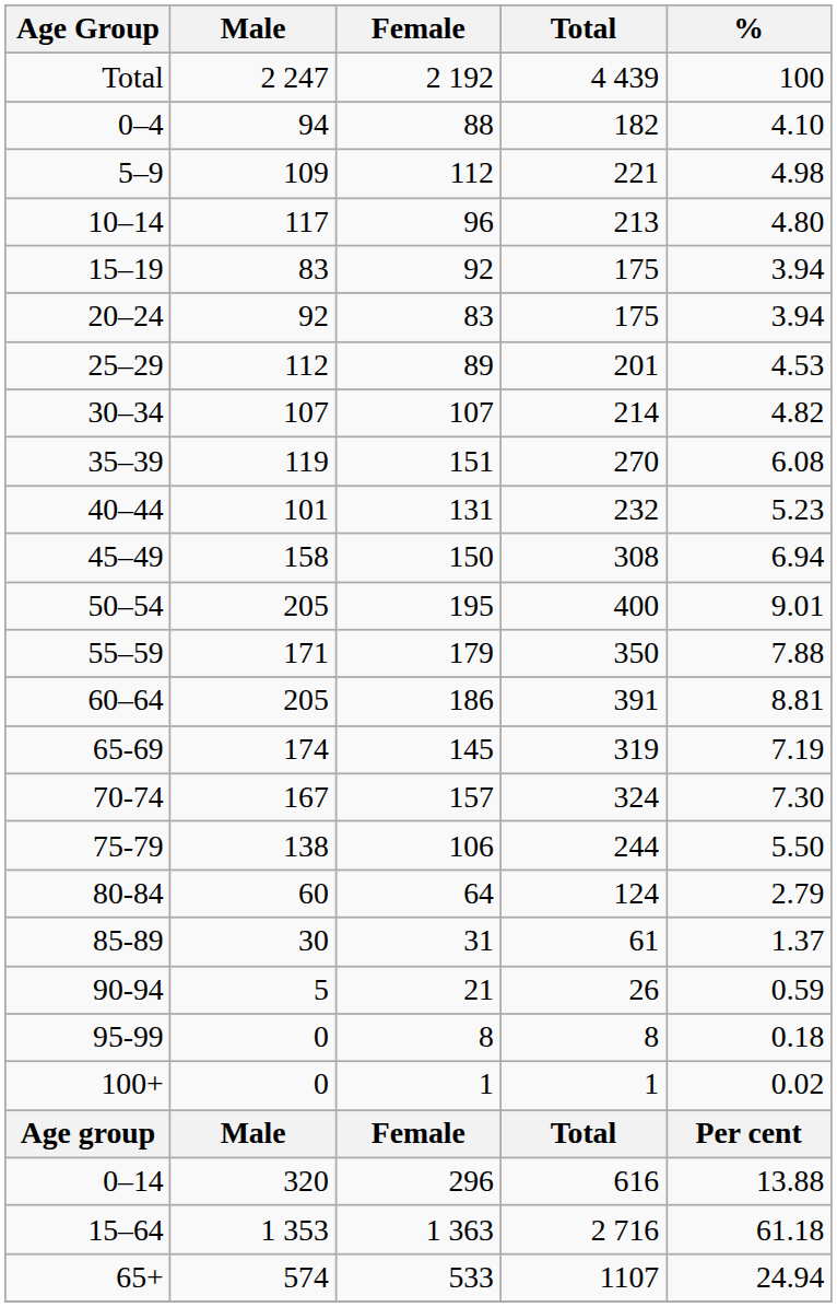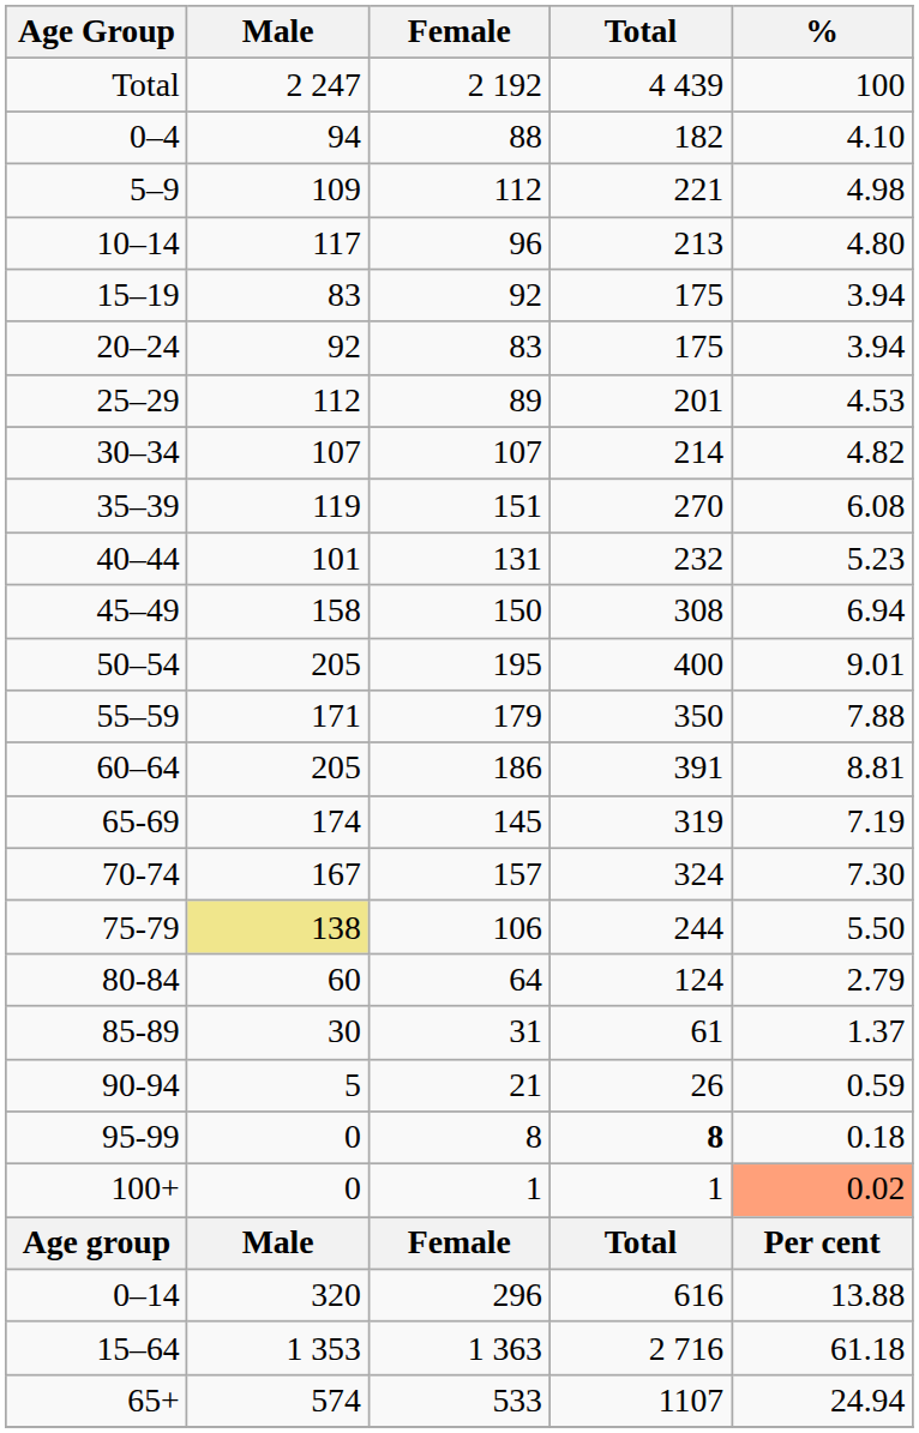 <table class="wikitable" style="text-align: right;">
 <tr>
 <th width="80pt">Age Group</th>
 <th width="80pt">Male</th>
 <th width="80pt">Female</th>
 <th width="80pt">Total</th>
 <th width="80pt">%</th>
 </tr>
 <tr>
 <td>Total</td>
 <td>2 247</td>
 <td>2 192</td>
 <td align="right">4 439</td>
 <td align="right">100</td>
 </tr>
 <tr>
 <td align="right">0–4</td>
 <td align="right">94</td>
 <td align="right">88</td>
 <td align="right">182</td>
 <td align="right">4.10</td>
 </tr>
 <tr>
 <td align="right">5–9</td>
 <td align="right">109</td>
 <td align="right">112</td>
 <td align="right">221</td>
 <td align="right">4.98</td>
 </tr>
 <tr>
 <td align="right">10–14</td>
 <td align="right">117</td>
 <td align="right">96</td>
 <td align="right">213</td>
 <td align="right">4.80</td>
 </tr>
 <tr>
 <td align="right">15–19</td>
 <td align="right">83</td>
 <td align="right">92</td>
 <td align="right">175</td>
 <td align="right">3.94</td>
 </tr>
 <tr>
 <td align="right">20–24</td>
 <td align="right">92</td>
 <td align="right">83</td>
 <td align="right">175</td>
 <td align="right">3.94</td>
 </tr>
 <tr>
 <td align="right">25–29</td>
 <td align="right">112</td>
 <td align="right">89</td>
 <td align="right">201</td>
 <td align="right">4.53</td>
 </tr>
 <tr>
 <td align="right">30–34</td>
 <td align="right">107</td>
 <td align="right">107</td>
 <td align="right">214</td>
 <td align="right">4.82</td>
 </tr>
 <tr>
 <td align="right">35–39</td>
 <td align="right">119</td>
 <td align="right">151</td>
 <td align="right">270</td>
 <td align="right">6.08</td>
 </tr>
 <tr>
 <td align="right">40–44</td>
 <td align="right">101</td>
 <td align="right">131</td>
 <td align="right">232</td>
 <td align="right">5.23</td>
 </tr>
 <tr>
 <td align="right">45–49</td>
 <td align="right">158</td>
 <td align="right">150</td>
 <td align="right">308</td>
 <td align="right">6.94</td>
 </tr>
 <tr>
 <td align="right">50–54</td>
 <td align="right">205</td>
 <td align="right">195</td>
 <td align="right">400</td>
 <td align="right">9.01</td>
 </tr>
 <tr>
 <td align="right">55–59</td>
 <td align="right">171</td>
 <td align="right">179</td>
 <td align="right">350</td>
 <td align="right">7.88</td>
 </tr>
 <tr>
 <td align="right">60–64</td>
 <td align="right">205</td>
 <td align="right">186</td>
 <td align="right">391</td>
 <td align="right">8.81</td>
 </tr>
 <tr>
 <td align="right">65-69</td>
 <td align="right">174</td>
 <td align="right">145</td>
 <td align="right">319</td>
 <td align="right">7.19</td>
 </tr>
 <tr>
 <td align="right">70-74</td>
 <td align="right">167</td>
 <td align="right">157</td>
 <td align="right">324</td>
 <td align="right">7.30</td>
 </tr>
 <tr>
 <td align="right">75-79</td>
-<td align="right">138</td>
+<td align="right" style="background: khaki;">138</td>
 <td align="right">106</td>
 <td align="right">244</td>
 <td align="right">5.50</td>
 </tr>
 <tr>
 <td align="right">80-84</td>
 <td align="right">60</td>
 <td align="right">64</td>
 <td align="right">124</td>
 <td align="right">2.79</td>
 </tr>
 <tr>
 <td align="right">85-89</td>
 <td align="right">30</td>
 <td align="right">31</td>
 <td align="right">61</td>
 <td align="right">1.37</td>
 </tr>
 <tr>
 <td align="right">90-94</td>
 <td align="right">5</td>
 <td align="right">21</td>
 <td align="right">26</td>
 <td align="right">0.59</td>
 </tr>
 <tr>
 <td align="right">95-99</td>
 <td align="right">0</td>
 <td align="right">8</td>
-<td align="right">8</td>
+<td align="right"><strong>8</strong></td>
 <td align="right">0.18</td>
 </tr>
 <tr>
 <td align="right">100+</td>
 <td align="right">0</td>
 <td align="right">1</td>
 <td align="right">1</td>
-<td align="right">0.02</td>
+<td align="right" style="background: lightsalmon;">0.02</td>
 </tr>
 <tr>
 <th width="50">Age group</th>
 <th width="80pt">Male</th>
 <th width="80">Female</th>
 <th width="80">Total</th>
 <th width="50">Per cent</th>
 </tr>
 <tr>
 <td align="right">0–14</td>
 <td align="right">320</td>
 <td align="right">296</td>
 <td align="right">616</td>
 <td align="right">13.88</td>
 </tr>
 <tr>
 <td align="right">15–64</td>
 <td align="right">1 353</td>
 <td align="right">1 363</td>
 <td align="right">2 716</td>
 <td align="right">61.18</td>
 </tr>
 <tr>
 <td align="right">65+</td>
 <td align="right">574</td>
 <td align="right">533</td>
 <td align="right">1107</td>
 <td align="right">24.94</td>
 </tr>
 <tr>
 </tr>
 </table>
